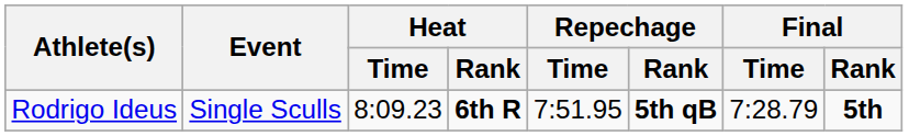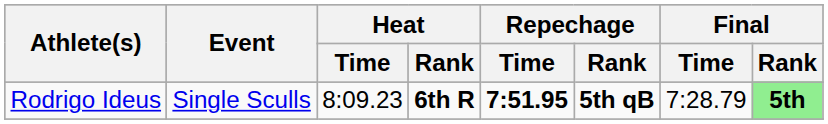 <table class="wikitable" style="font-size:90%">
 <tr>
 <th rowspan="2">Athlete(s)</th>
 <th rowspan="2">Event</th>
 <th colspan="2">Heat</th>
 <th colspan="2">Repechage</th>
 <th colspan="2">Final</th>
 </tr>
 <tr>
 <th>Time</th>
 <th>Rank</th>
 <th>Time</th>
 <th>Rank</th>
 <th>Time</th>
 <th>Rank</th>
 </tr>
 <tr>
 <td><a href='#'>Rodrigo Ideus</a></td>
 <td><a href='#'>Single Sculls</a></td>
 <td align=center>8:09.23</td>
 <td align=center><strong>6th R</strong></td>
-<td align=center>7:51.95</td>
+<td align=center><strong>7:51.95</strong></td>
 <td align=center><strong>5th qB</strong></td>
 <td align=center>7:28.79</td>
-<td align=center><strong>5th</strong></td>
+<td align=center style="background: lightgreen;"><strong>5th</strong></td>
 </tr>
 </table>
